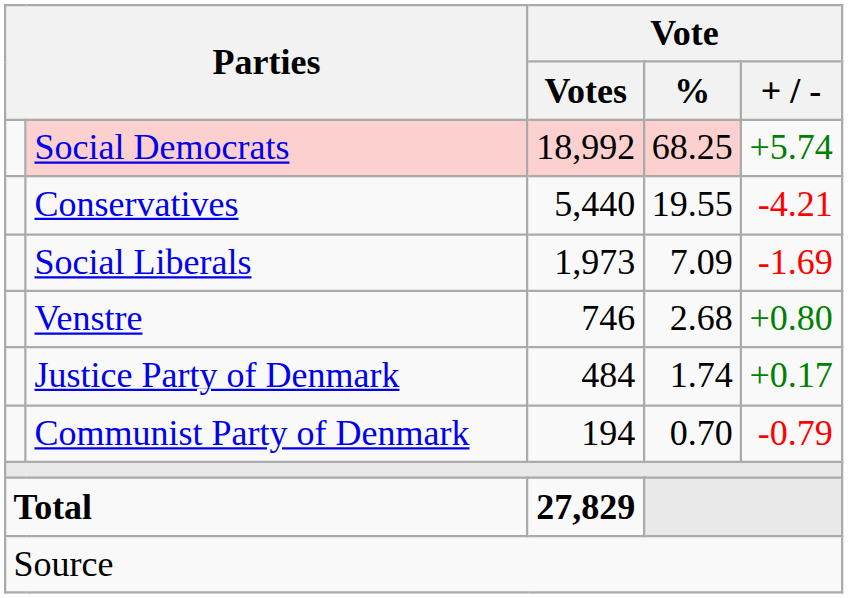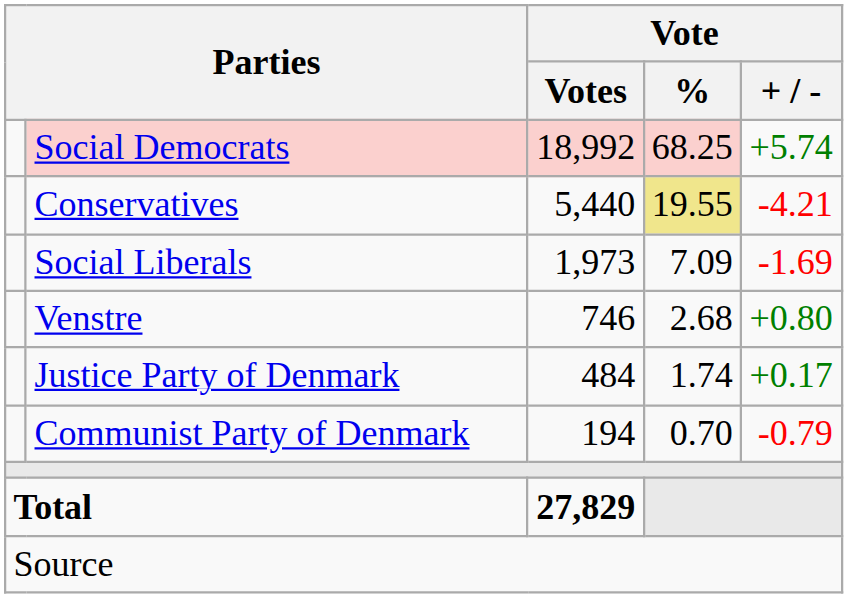 <table class="wikitable" style="text-align:right;">
 <tr>
 <th style="text-align:centre;" rowspan="2" colspan="2" width="225">Parties</th>
 <th colspan="3">Vote</th>
 </tr>
 <tr>
 <th width="15">Votes</th>
 <th width="15">%</th>
 <th width="15">+ / -</th>
 </tr>
 <tr>
 <td width="2" style="color:inherit;background:"></td>
 <td bgcolor=#fbd0ce  align="left"><a href='#'>Social Democrats</a></td>
 <td bgcolor=#fbd0ce>18,992</td>
 <td bgcolor=#fbd0ce>68.25</td>
 <td style=color:green;>+5.74</td>
 </tr>
 <tr>
 <td width="2" style="color:inherit;background:"></td>
 <td align="left"><a href='#'>Conservatives</a></td>
 <td>5,440</td>
-<td>19.55</td>
+<td style="background: khaki;">19.55</td>
 <td style=color:red;>-4.21</td>
 </tr>
 <tr>
 <td width="2" style="color:inherit;background:"></td>
 <td align="left"><a href='#'>Social Liberals</a></td>
 <td>1,973</td>
 <td>7.09</td>
 <td style=color:red;>-1.69</td>
 </tr>
 <tr>
 <td width="2" style="color:inherit;background:"></td>
 <td align="left"><a href='#'>Venstre</a></td>
 <td>746</td>
 <td>2.68</td>
 <td style=color:green;>+0.80</td>
 </tr>
 <tr>
 <td width="2" style="color:inherit;background:"></td>
 <td align="left"><a href='#'>Justice Party of Denmark</a></td>
 <td>484</td>
 <td>1.74</td>
 <td style=color:green;>+0.17</td>
 </tr>
 <tr>
 <td width="2" style="color:inherit;background:"></td>
 <td align="left"><a href='#'>Communist Party of Denmark</a></td>
 <td>194</td>
 <td>0.70</td>
 <td style=color:red;>-0.79</td>
 </tr>
 <tr>
 <td colspan="7" bgcolor="#E9E9E9"></td>
 </tr>
 <tr>
 <td align="left" colspan="2"><strong>Total</strong></td>
 <td><strong>27,829</strong></td>
 <td bgcolor="#E9E9E9" colspan="2"></td>
 </tr>
 <tr>
 <td align="left" colspan="6">Source</td>
 </tr>
 </table>
